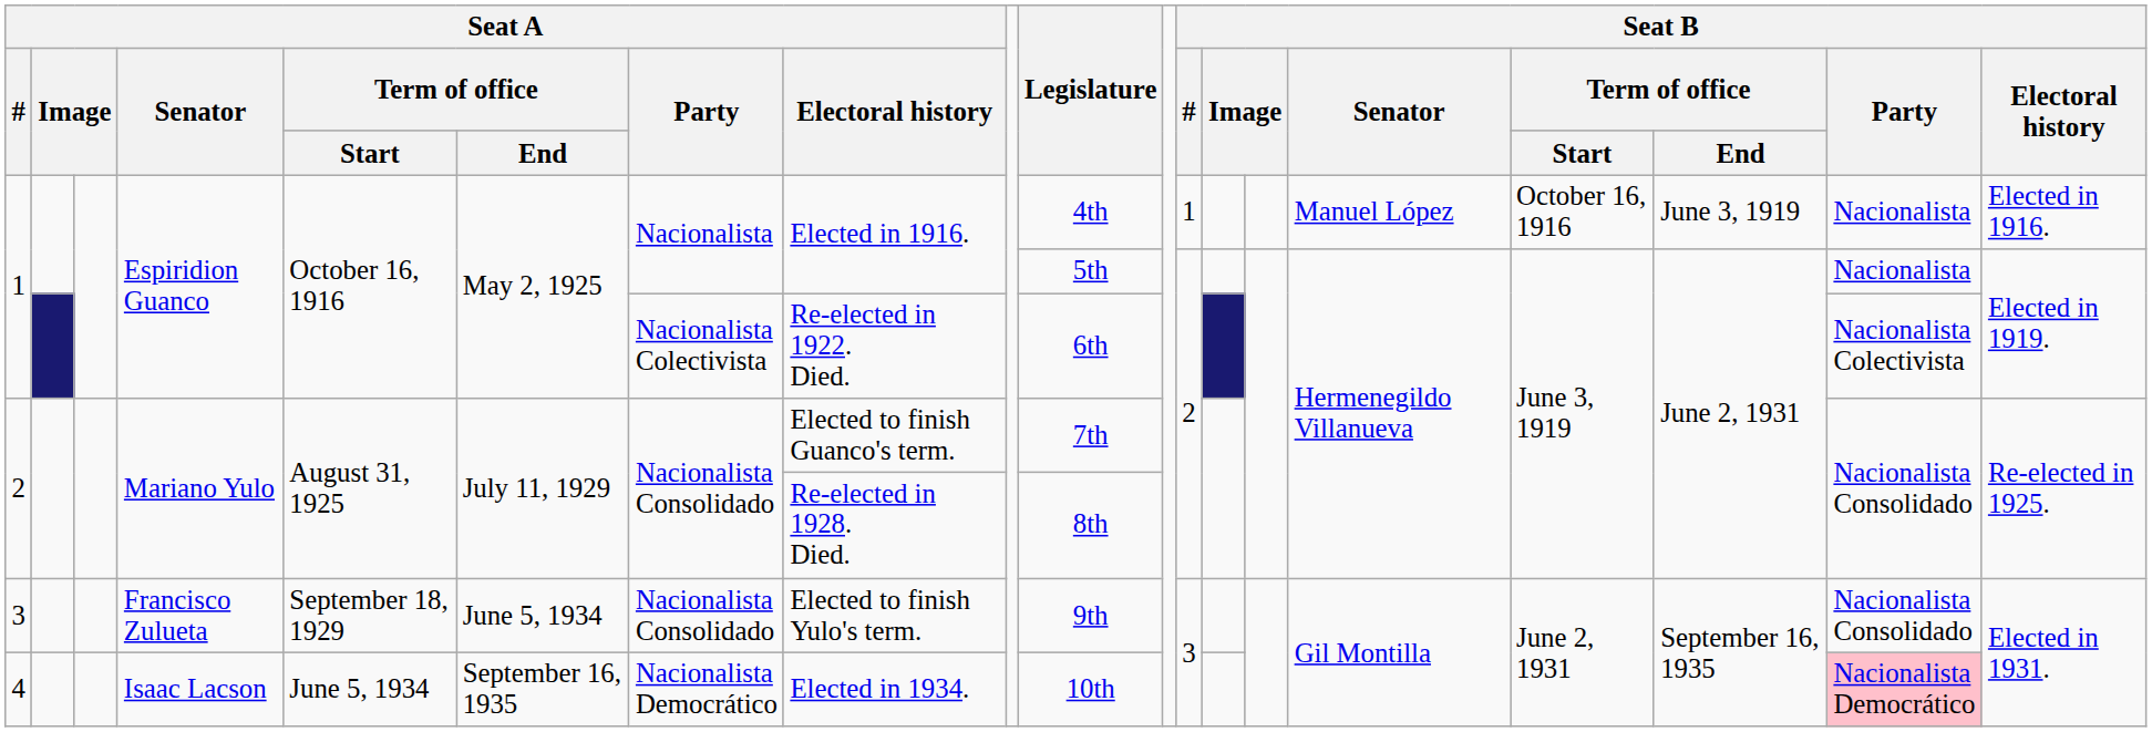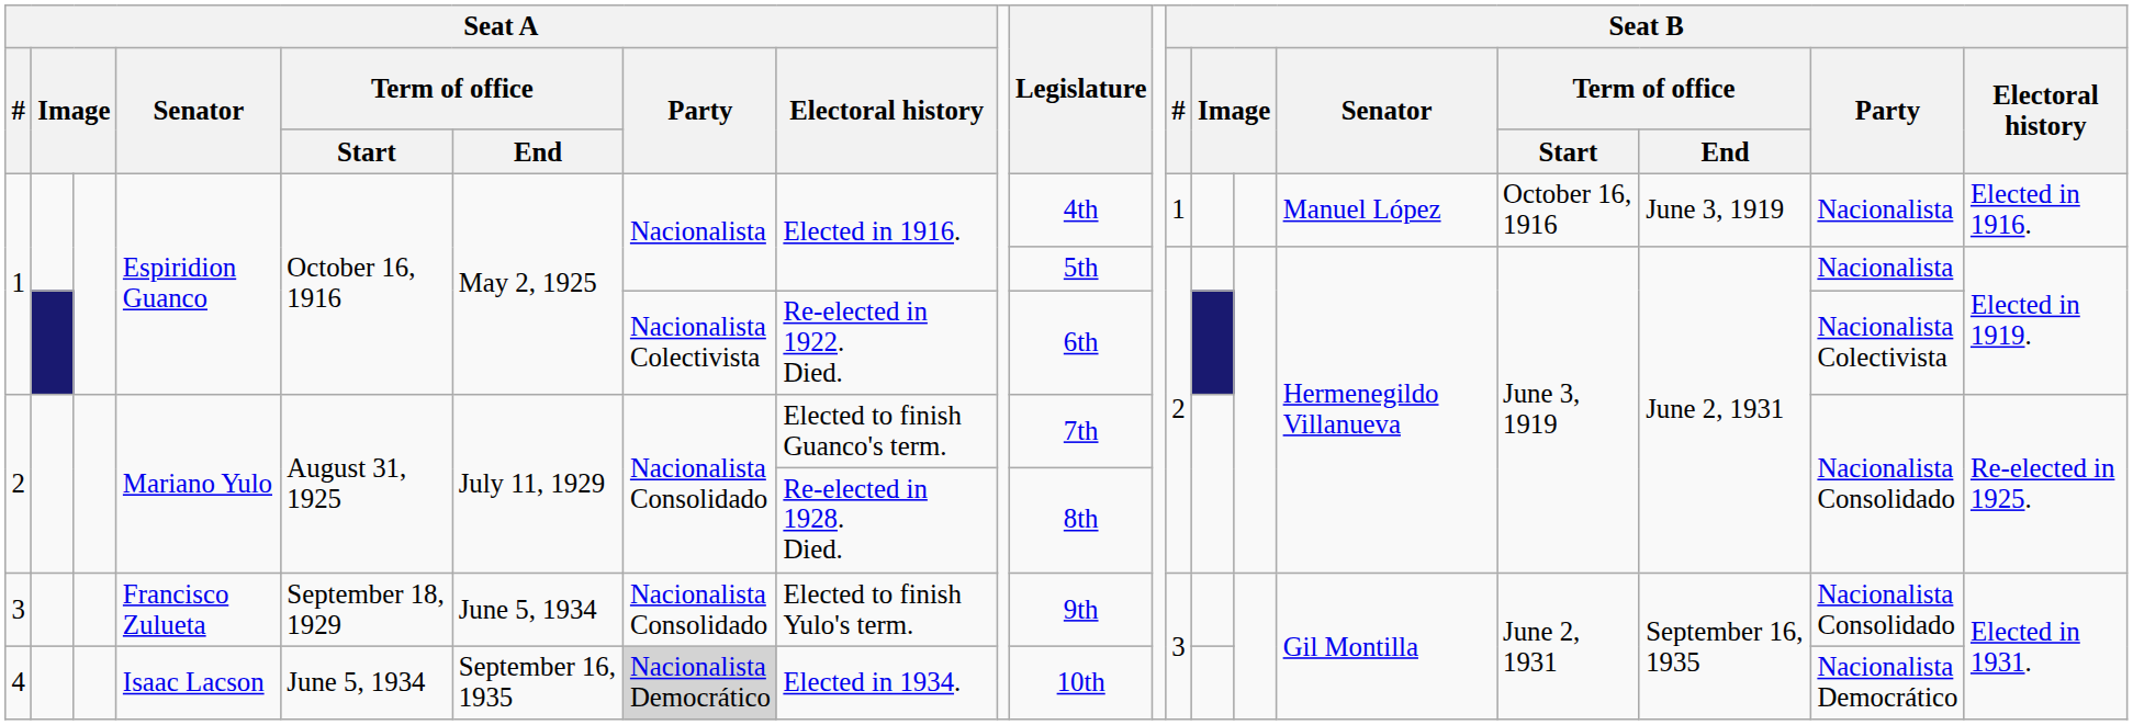 <table class="wikitable">
 <tr>
 <th colspan="8">Seat A</th>
 <td rowspan="99"></td>
 <th rowspan="3">Legislature</th>
 <td rowspan="99"></td>
 <th colspan="8">Seat B</th>
 </tr>
 <tr style="height:3em">
 <th rowspan="2">#</th>
 <th rowspan="2" colspan="2">Image</th>
 <th rowspan="2">Senator</th>
 <th colspan="2">Term of office</th>
 <th rowspan="2">Party</th>
 <th rowspan="2">Electoral history</th>
 <th rowspan="2">#</th>
 <th rowspan="2" colspan="2">Image</th>
 <th rowspan="2">Senator</th>
 <th colspan="2">Term of office</th>
 <th rowspan="2">Party</th>
 <th rowspan="2">Electoral history</th>
 </tr>
 <tr>
 <th>Start</th>
 <th>End</th>
 <th>Start</th>
 <th>End</th>
 </tr>
 <tr>
 <td rowspan="3" style="text-align:center;">1</td>
 <td rowspan="2" style="background:"></td>
 <td rowspan="3"></td>
 <td rowspan="3"><a href='#'>Espiridion Guanco</a></td>
 <td rowspan="3">October 16, 1916</td>
 <td rowspan="3">May 2, 1925</td>
 <td rowspan="2"><a href='#'>Nacionalista</a></td>
 <td rowspan="2"><a href='#'>Elected in 1916</a>.</td>
 <td style="text-align:center;"><a href='#'>4th</a></td>
 <td style="text-align:center;">1</td>
 <td style="background:"></td>
 <td></td>
 <td><a href='#'>Manuel López</a></td>
 <td>October 16, 1916</td>
 <td>June 3, 1919</td>
 <td><a href='#'>Nacionalista</a></td>
 <td><a href='#'>Elected in 1916</a>.</td>
 </tr>
 <tr>
 <td style="text-align:center;"><a href='#'>5th</a></td>
 <td rowspan="5" style="text-align:center;">2</td>
 <td style="background:"></td>
 <td rowspan="5"></td>
 <td rowspan="5"><a href='#'>Hermenegildo Villanueva</a></td>
 <td rowspan="5">June 3, 1919</td>
 <td rowspan="5">June 2, 1931</td>
 <td><a href='#'>Nacionalista</a></td>
 <td rowspan="2"><a href='#'>Elected in 1919</a>.</td>
 </tr>
 <tr>
 <td style="background-color:#191970"></td>
 <td><a href='#'>Nacionalista</a><br>Colectivista</td>
 <td><a href='#'>Re-elected in 1922</a>.<br>Died.</td>
 <td style="text-align:center;"><a href='#'>6th</a></td>
 <td style="background-color:#191970"></td>
 <td><a href='#'>Nacionalista</a><br>Colectivista</td>
 </tr>
 <tr>
 <td rowspan="2" style="text-align:center;">2</td>
 <td rowspan="2" style="background:"></td>
 <td rowspan="2"></td>
 <td rowspan="2"><a href='#'>Mariano Yulo</a></td>
 <td rowspan="2">August 31, 1925</td>
 <td rowspan="2">July 11, 1929</td>
 <td rowspan="2"><a href='#'>Nacionalista</a><br>Consolidado</td>
 <td>Elected to finish Guanco's term.</td>
 <td style="text-align:center;"><a href='#'>7th</a></td>
 <td rowspan="3" style="background:"></td>
 <td rowspan="3"><a href='#'>Nacionalista</a><br>Consolidado</td>
 <td rowspan="3"><a href='#'>Re-elected in 1925</a>.</td>
 </tr>
 <tr>
 <td><a href='#'>Re-elected in 1928</a>.<br>Died.</td>
 <td rowspan="2" style="text-align:center;"><a href='#'>8th</a></td>
 </tr>
 <tr>
 <td rowspan="2" style="text-align:center;">3</td>
 <td rowspan="2" style="background:"></td>
 <td rowspan="2"></td>
 <td rowspan="2"><a href='#'>Francisco Zulueta</a></td>
 <td rowspan="2">September 18, 1929</td>
 <td rowspan="2">June 5, 1934</td>
 <td rowspan="2"><a href='#'>Nacionalista</a><br>Consolidado</td>
 <td rowspan="2">Elected to finish Yulo's term.</td>
 </tr>
 <tr>
 <td style="text-align:center;"><a href='#'>9th</a></td>
 <td rowspan="2" style="text-align:center;">3</td>
 <td style="background:"></td>
 <td rowspan="2"></td>
 <td rowspan="2"><a href='#'>Gil Montilla</a></td>
 <td rowspan="2">June 2, 1931</td>
 <td rowspan="2">September 16, 1935</td>
 <td><a href='#'>Nacionalista</a><br>Consolidado</td>
 <td rowspan="2"><a href='#'>Elected in 1931</a>.</td>
 </tr>
 <tr>
 <td style="text-align:center;">4</td>
 <td style="background:"></td>
 <td></td>
 <td><a href='#'>Isaac Lacson</a></td>
 <td>June 5, 1934</td>
 <td>September 16, 1935</td>
-<td><a href='#'>Nacionalista</a><br>Democrático</td>
+<td style="background: lightgrey;"><a href='#'>Nacionalista</a><br>Democrático</td>
 <td><a href='#'>Elected in 1934</a>.</td>
 <td style="text-align:center;"><a href='#'>10th</a></td>
 <td style="background:"></td>
-<td style="background: pink;"><a href='#'>Nacionalista</a><br>Democrático</td>
+<td><a href='#'>Nacionalista</a><br>Democrático</td>
 </tr>
 </table>
